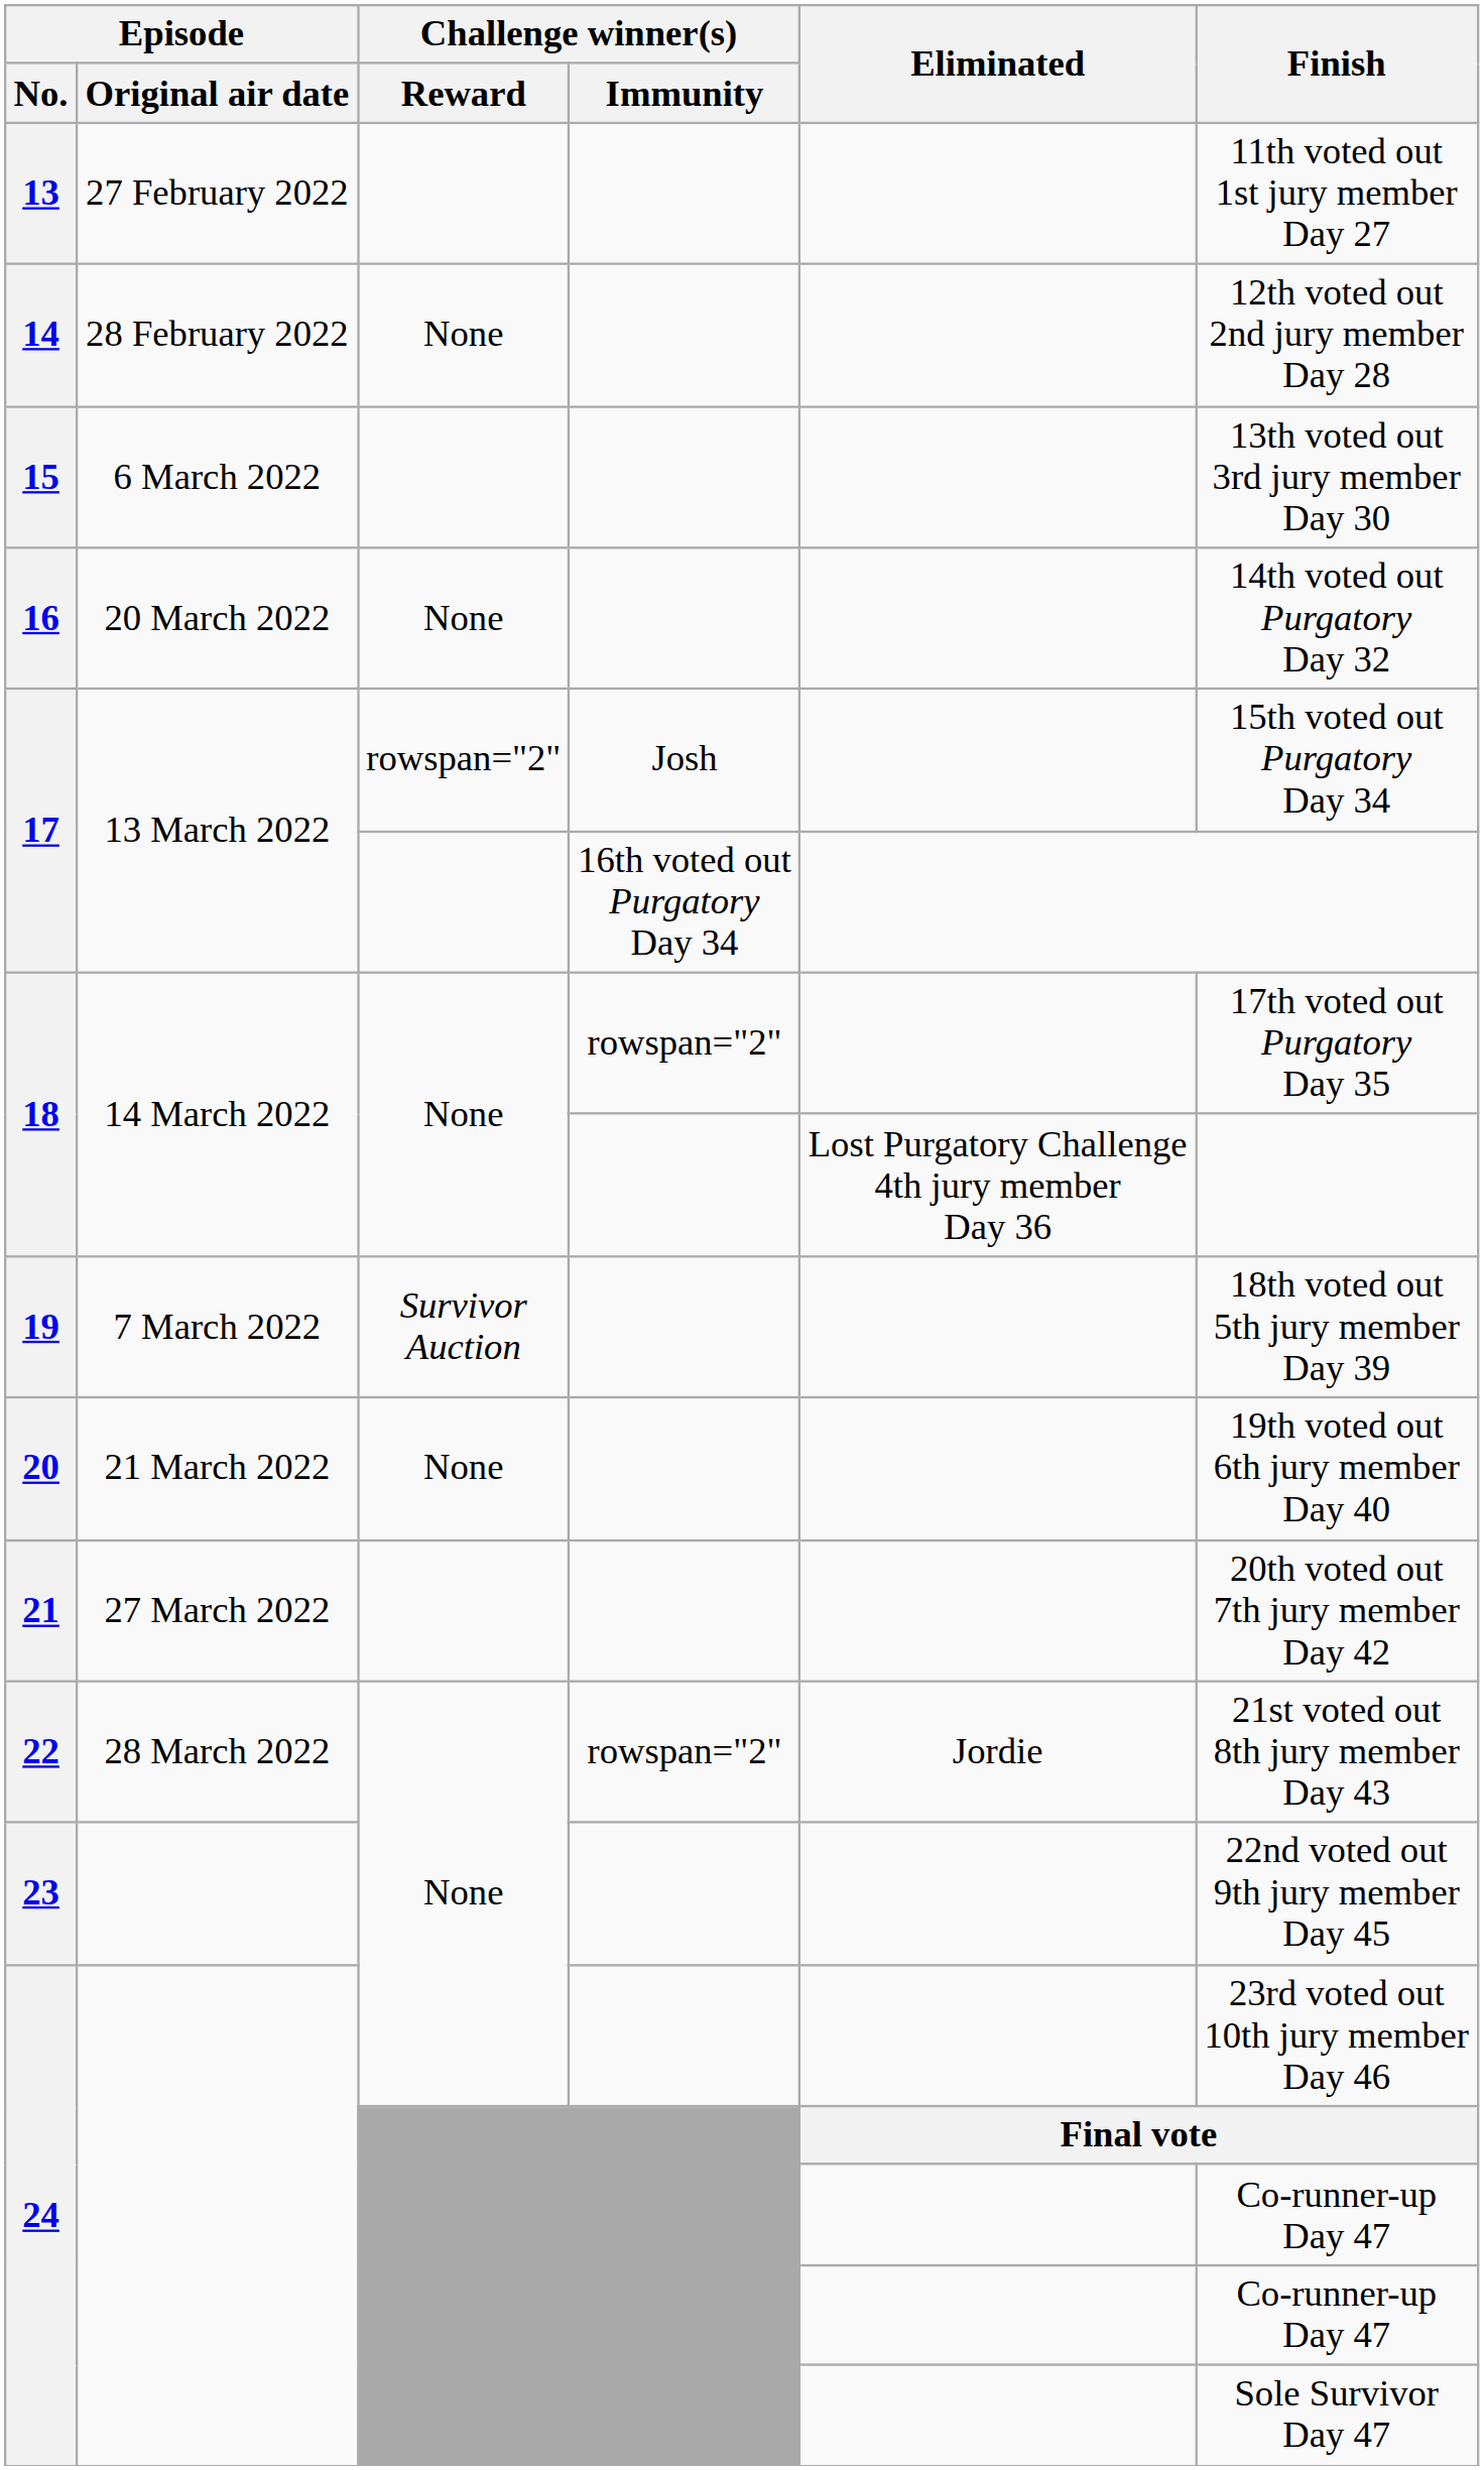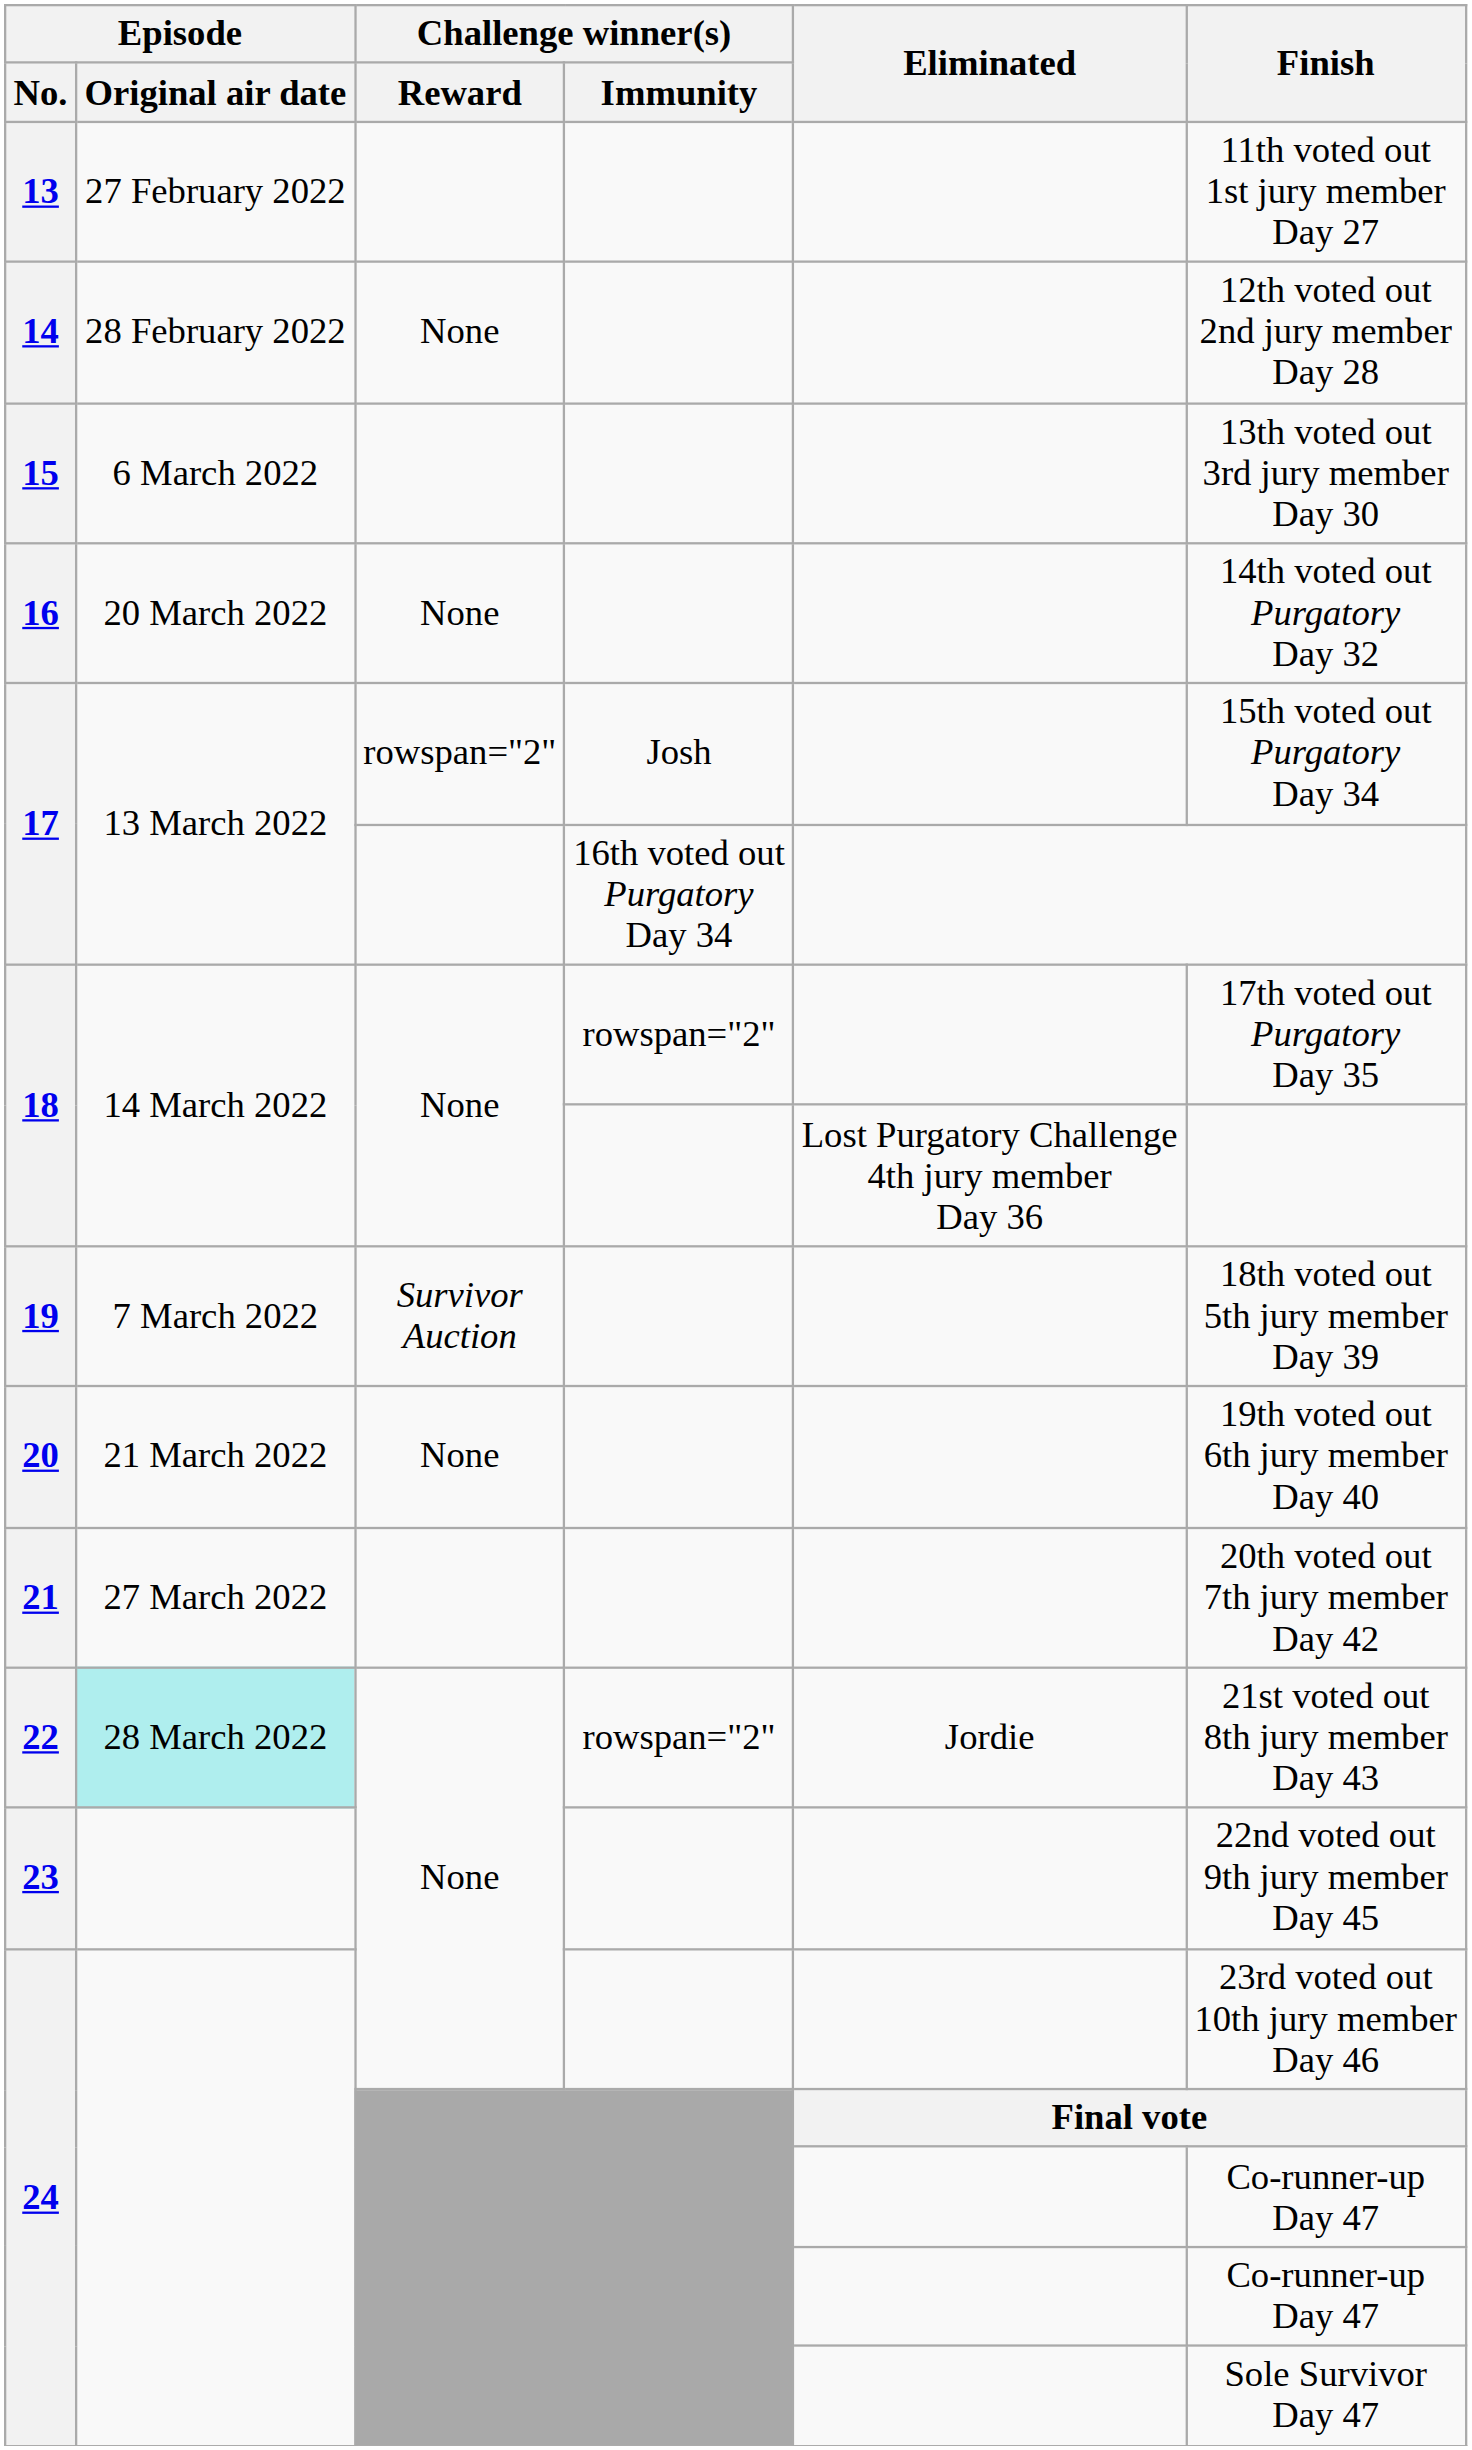 <table class="wikitable nowrap" style="text-align:center; font-size:100%">
 <tr>
 <th colspan="2">Episode</th>
 <th colspan="2">Challenge winner(s)</th>
 <th rowspan="2">Eliminated</th>
 <th rowspan="2">Finish</th>
 </tr>
 <tr>
 <th>No.</th>
 <th>Original air date</th>
 <th>Reward</th>
 <th>Immunity</th>
 </tr>
 <tr>
 <th><a href='#'>13</a></th>
 <td>27 February 2022</td>
 <td></td>
 <td></td>
 <td></td>
 <td>11th voted out<br>1st jury member<br>Day 27</td>
 </tr>
 <tr>
 <th><a href='#'>14</a></th>
 <td>28 February 2022</td>
 <td>None</td>
 <td></td>
 <td></td>
 <td>12th voted out<br>2nd jury member<br>Day 28</td>
 </tr>
 <tr>
 <th><a href='#'>15</a></th>
 <td>6 March 2022</td>
 <td></td>
 <td></td>
 <td></td>
 <td>13th voted out<br>3rd jury member<br>Day 30</td>
 </tr>
 <tr>
 <th><a href='#'>16</a></th>
 <td>20 March 2022</td>
 <td>None</td>
 <td></td>
 <td></td>
 <td>14th voted out<br><em>Purgatory</em><br>Day 32</td>
 </tr>
 <tr>
 <th rowspan="2"><a href='#'>17</a></th>
 <td rowspan="2">13 March 2022</td>
 <td>rowspan="2" </td>
 <td>Josh</td>
 <td></td>
 <td>15th voted out<br><em>Purgatory</em><br>Day 34</td>
 </tr>
 <tr>
 <td></td>
 <td>16th voted out<br><em>Purgatory</em><br>Day 34</td>
 </tr>
 <tr>
 <th rowspan="2"><a href='#'>18</a></th>
 <td rowspan="2">14 March 2022</td>
 <td rowspan="2">None</td>
 <td>rowspan="2"</td>
 <td></td>
 <td>17th voted out<br><em>Purgatory</em><br>Day 35</td>
 </tr>
 <tr>
 <td></td>
 <td>Lost Purgatory Challenge<br>4th jury member<br>Day 36</td>
 </tr>
 <tr>
 <th><a href='#'>19</a></th>
 <td>7 March 2022</td>
 <td><em>Survivor<br>Auction</em></td>
 <td></td>
 <td></td>
 <td>18th voted out<br>5th jury member<br>Day 39</td>
 </tr>
 <tr>
 <th><a href='#'>20</a></th>
 <td>21 March 2022</td>
 <td rowspan=1>None</td>
 <td></td>
 <td></td>
 <td>19th voted out<br>6th jury member<br>Day 40</td>
 </tr>
 <tr>
 <th><a href='#'>21</a></th>
 <td>27 March 2022</td>
 <td></td>
 <td></td>
 <td></td>
 <td>20th voted out<br>7th jury member<br>Day 42</td>
 </tr>
 <tr>
 <th><a href='#'>22</a></th>
-<td>28 March 2022</td>
+<td style="background: paleturquoise;">28 March 2022</td>
 <td rowspan=3>None</td>
 <td>rowspan="2" </td>
 <td>Jordie</td>
 <td>21st voted out<br>8th jury member<br>Day 43</td>
 </tr>
 <tr>
 <th><a href='#'>23</a></th>
 <td></td>
 <td></td>
 <td></td>
 <td>22nd voted out<br>9th jury member<br>Day 45</td>
 </tr>
 <tr>
 <th rowspan="5"><a href='#'>24</a></th>
 <td rowspan="5"></td>
 <td></td>
 <td></td>
 <td>23rd voted out<br>10th jury member<br>Day 46</td>
 </tr>
 <tr>
 <td rowspan="4" colspan="2" bgcolor="darkgray"></td>
 <th colspan="2">Final vote</th>
 </tr>
 <tr>
 <td></td>
 <td>Co-runner-up<br>Day 47</td>
 </tr>
 <tr>
 <td></td>
 <td>Co-runner-up<br>Day 47</td>
 </tr>
 <tr>
 <td></td>
 <td>Sole Survivor<br>Day 47</td>
 </tr>
 <tr>
 </tr>
 </table>
